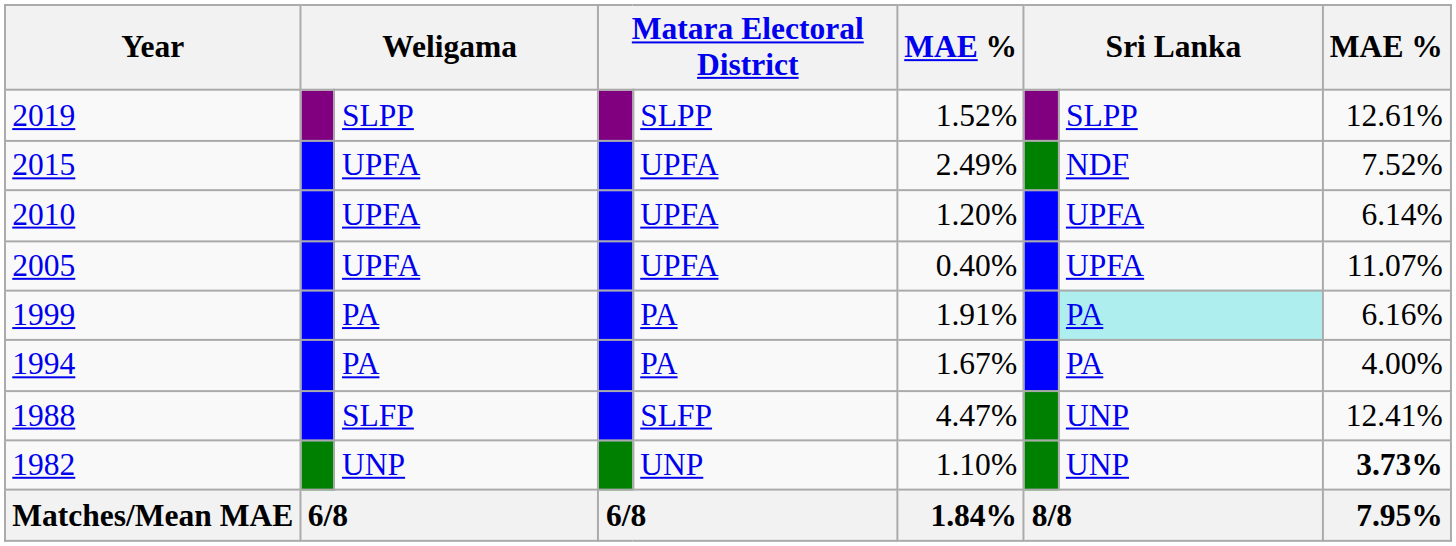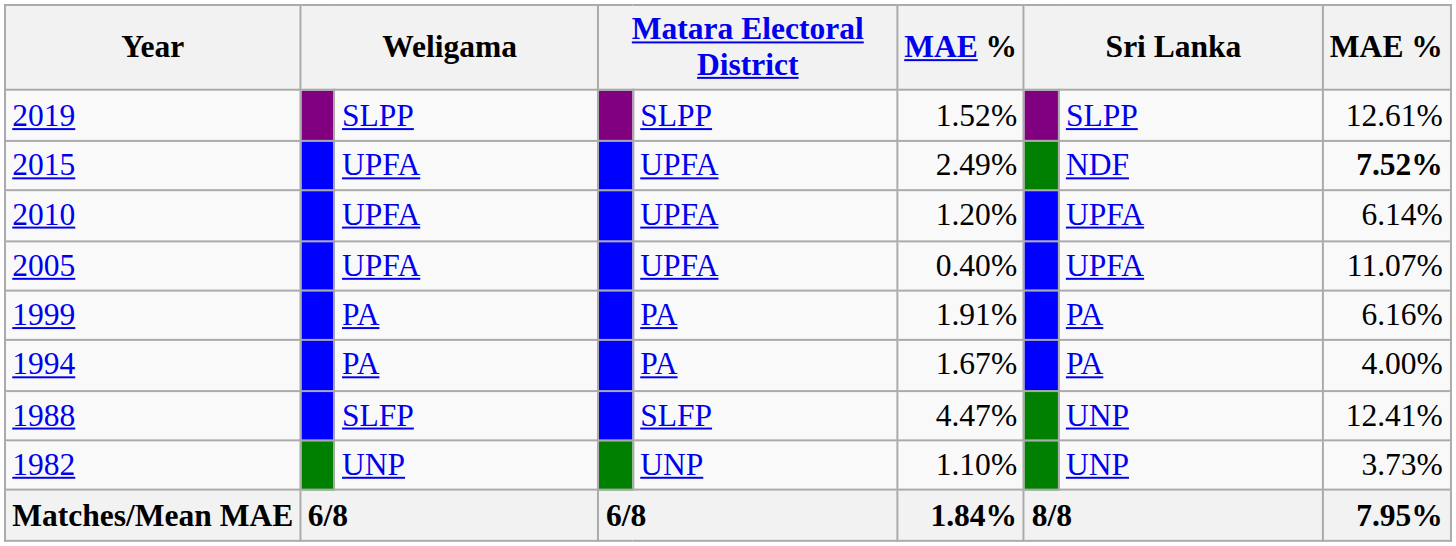 <table class="wikitable">
 <tr>
 <th>Year</th>
 <th colspan="2" width="144px">Weligama</th>
 <th colspan="2" width="144px"><a href='#'>Matara Electoral District</a></th>
 <th><a href='#'>MAE</a> %</th>
 <th colspan="2" width="144px">Sri Lanka</th>
 <th>MAE %</th>
 </tr>
 <tr>
 <td><a href='#'>2019</a></td>
 <td style="background-color:purple;" width="10px"></td>
 <td style="text-align:left;"><a href='#'>SLPP</a></td>
 <td style="background-color:purple;" width="10px"></td>
 <td style="text-align:left;"><a href='#'>SLPP</a></td>
 <td style="text-align:right;">1.52%</td>
 <td style="background-color:purple;" width="10px"></td>
 <td style="text-align:left;"><a href='#'>SLPP</a></td>
 <td style="text-align:right;">12.61%</td>
 </tr>
 <tr>
 <td><a href='#'>2015</a></td>
 <td style="background-color:blue;" width="10px"></td>
 <td style="text-align:left;"><a href='#'>UPFA</a></td>
 <td style="background-color:blue;" width="10px"></td>
 <td style="text-align:left;"><a href='#'>UPFA</a></td>
 <td style="text-align:right;">2.49%</td>
 <td style="background-color:green;" width="10px"></td>
 <td style="text-align:left;"><a href='#'>NDF</a></td>
-<td style="text-align:right;">7.52%</td>
+<td style="text-align:right;"><strong>7.52%</strong></td>
 </tr>
 <tr>
 <td><a href='#'>2010</a></td>
 <td style="background-color:blue;" width="10px"></td>
 <td style="text-align:left;"><a href='#'>UPFA</a></td>
 <td style="background-color:blue;" width="10px"></td>
 <td style="text-align:left;"><a href='#'>UPFA</a></td>
 <td style="text-align:right;">1.20%</td>
 <td style="background-color:blue;" width="10px"></td>
 <td style="text-align:left;"><a href='#'>UPFA</a></td>
 <td style="text-align:right;">6.14%</td>
 </tr>
 <tr>
 <td><a href='#'>2005</a></td>
 <td style="background-color:blue;" width="10px"></td>
 <td style="text-align:left;"><a href='#'>UPFA</a></td>
 <td style="background-color:blue;" width="10px"></td>
 <td style="text-align:left;"><a href='#'>UPFA</a></td>
 <td style="text-align:right;">0.40%</td>
 <td style="background-color:blue;" width="10px"></td>
 <td style="text-align:left;"><a href='#'>UPFA</a></td>
 <td style="text-align:right;">11.07%</td>
 </tr>
 <tr>
 <td><a href='#'>1999</a></td>
 <td style="background-color:blue;" width="10px"></td>
 <td style="text-align:left;"><a href='#'>PA</a></td>
 <td style="background-color:blue;" width="10px"></td>
 <td style="text-align:left;"><a href='#'>PA</a></td>
 <td style="text-align:right;">1.91%</td>
 <td style="background-color:blue;" width="10px"></td>
-<td style="background: paleturquoise; text-align:left;"><a href='#'>PA</a></td>
+<td style="text-align:left;"><a href='#'>PA</a></td>
 <td style="text-align:right;">6.16%</td>
 </tr>
 <tr>
 <td><a href='#'>1994</a></td>
 <td style="background-color:blue;" width="10px"></td>
 <td style="text-align:left;"><a href='#'>PA</a></td>
 <td style="background-color:blue;" width="10px"></td>
 <td style="text-align:left;"><a href='#'>PA</a></td>
 <td style="text-align:right;">1.67%</td>
 <td style="background-color:blue;" width="10px"></td>
 <td style="text-align:left;"><a href='#'>PA</a></td>
 <td style="text-align:right;">4.00%</td>
 </tr>
 <tr>
 <td><a href='#'>1988</a></td>
 <td style="background-color:blue;" width="10px"></td>
 <td style="text-align:left;"><a href='#'>SLFP</a></td>
 <td style="background-color:blue;" width="10px"></td>
 <td style="text-align:left;"><a href='#'>SLFP</a></td>
 <td style="text-align:right;">4.47%</td>
 <td style="background-color:green;" width="10px"></td>
 <td style="text-align:left;"><a href='#'>UNP</a></td>
 <td style="text-align:right;">12.41%</td>
 </tr>
 <tr>
 <td><a href='#'>1982</a></td>
 <td style="background-color:green;" width="10px"></td>
 <td style="text-align:left;"><a href='#'>UNP</a></td>
 <td style="background-color:green;" width="10px"></td>
 <td style="text-align:left;"><a href='#'>UNP</a></td>
 <td style="text-align:right;">1.10%</td>
 <td style="background-color:green;" width="10px"></td>
 <td style="text-align:left;"><a href='#'>UNP</a></td>
-<td style="text-align:right;"><strong>3.73%</strong></td>
+<td style="text-align:right;">3.73%</td>
 </tr>
 <tr>
 <th>Matches/Mean MAE</th>
 <th style="text-align:left;"colspan="2" width="144px">6/8</th>
 <th style="text-align:left;"colspan="2" width="144px">6/8</th>
 <th style="text-align:right;">1.84%</th>
 <th style="text-align:left;"colspan="2" width="144px">8/8</th>
 <th style="text-align:right;">7.95%</th>
 </tr>
 </table>
